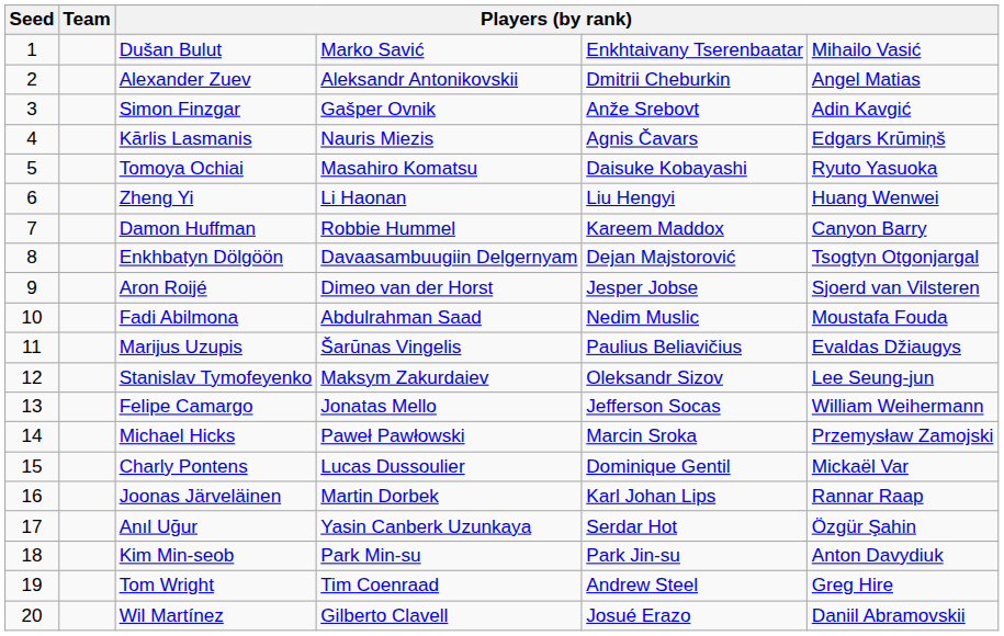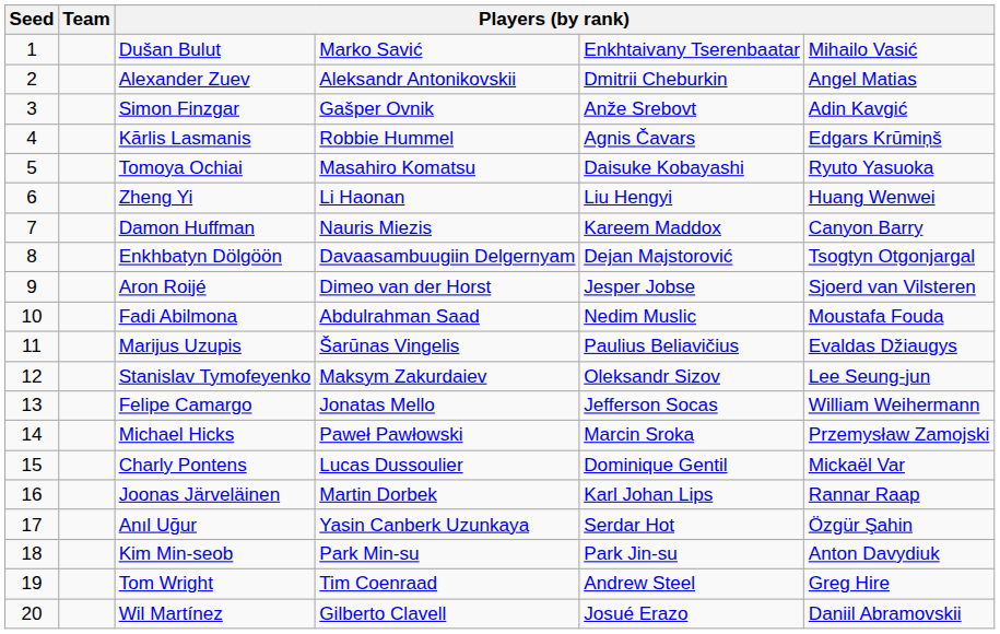 <table class="wikitable sortable">
 <tr>
 <th>Seed</th>
 <th>Team</th>
 <th width=220px colspan=4>Players (by rank)</th>
 </tr>
 <tr>
 <td align=center>1</td>
 <td></td>
 <td><a href='#'>Dušan Bulut</a></td>
 <td><a href='#'>Marko Savić</a></td>
 <td><a href='#'>Enkhtaivany Tserenbaatar</a></td>
 <td><a href='#'>Mihailo Vasić</a></td>
 </tr>
 <tr>
 <td align=center>2</td>
 <td></td>
 <td><a href='#'>Alexander Zuev</a></td>
 <td><a href='#'>Aleksandr Antonikovskii</a></td>
 <td><a href='#'>Dmitrii Cheburkin</a></td>
 <td><a href='#'>Angel Matias</a></td>
 </tr>
 <tr>
 <td align=center>3</td>
 <td></td>
 <td><a href='#'>Simon Finzgar</a></td>
 <td><a href='#'>Gašper Ovnik</a></td>
 <td><a href='#'>Anže Srebovt</a></td>
 <td><a href='#'>Adin Kavgić</a></td>
 </tr>
 <tr>
 <td align=center>4</td>
 <td></td>
 <td><a href='#'>Kārlis Lasmanis</a></td>
-<td><a href='#'>Nauris Miezis</a></td>
+<td><a href='#'>Robbie Hummel</a></td>
 <td><a href='#'>Agnis Čavars</a></td>
 <td><a href='#'>Edgars Krūmiņš</a></td>
 </tr>
 <tr>
 <td align=center>5</td>
 <td></td>
 <td><a href='#'>Tomoya Ochiai</a></td>
 <td><a href='#'>Masahiro Komatsu</a></td>
 <td><a href='#'>Daisuke Kobayashi</a></td>
 <td><a href='#'>Ryuto Yasuoka</a></td>
 </tr>
 <tr>
 <td align=center>6</td>
 <td></td>
 <td><a href='#'>Zheng Yi</a></td>
 <td><a href='#'>Li Haonan</a></td>
 <td><a href='#'>Liu Hengyi</a></td>
 <td><a href='#'>Huang Wenwei</a></td>
 </tr>
 <tr>
 <td align=center>7</td>
 <td></td>
 <td><a href='#'>Damon Huffman</a></td>
-<td><a href='#'>Robbie Hummel</a></td>
+<td><a href='#'>Nauris Miezis</a></td>
 <td><a href='#'>Kareem Maddox</a></td>
 <td><a href='#'>Canyon Barry</a></td>
 </tr>
 <tr>
 <td align=center>8</td>
 <td></td>
 <td><a href='#'>Enkhbatyn Dölgöön</a></td>
 <td><a href='#'>Davaasambuugiin Delgernyam</a></td>
 <td><a href='#'>Dejan Majstorović</a></td>
 <td><a href='#'>Tsogtyn Otgonjargal</a></td>
 </tr>
 <tr>
 <td align=center>9</td>
 <td></td>
 <td><a href='#'>Aron Roijé</a></td>
 <td><a href='#'>Dimeo van der Horst</a></td>
 <td><a href='#'>Jesper Jobse</a></td>
 <td><a href='#'>Sjoerd van Vilsteren</a></td>
 </tr>
 <tr>
 <td align=center>10</td>
 <td></td>
 <td><a href='#'>Fadi Abilmona</a></td>
 <td><a href='#'>Abdulrahman Saad</a></td>
 <td><a href='#'>Nedim Muslic</a></td>
 <td><a href='#'>Moustafa Fouda</a></td>
 </tr>
 <tr>
 <td align=center>11</td>
 <td></td>
 <td><a href='#'>Marijus Uzupis</a></td>
 <td><a href='#'>Šarūnas Vingelis</a></td>
 <td><a href='#'>Paulius Beliavičius</a></td>
 <td><a href='#'>Evaldas Džiaugys</a></td>
 </tr>
 <tr>
 <td align=center>12</td>
 <td></td>
 <td><a href='#'>Stanislav Tymofeyenko</a></td>
 <td><a href='#'>Maksym Zakurdaiev</a></td>
 <td><a href='#'>Oleksandr Sizov</a></td>
 <td><a href='#'>Lee Seung-jun</a></td>
 </tr>
 <tr>
 <td align=center>13</td>
 <td></td>
 <td><a href='#'>Felipe Camargo</a></td>
 <td><a href='#'>Jonatas Mello</a></td>
 <td><a href='#'>Jefferson Socas</a></td>
 <td><a href='#'>William Weihermann</a></td>
 </tr>
 <tr>
 <td align=center>14</td>
 <td></td>
 <td><a href='#'>Michael Hicks</a></td>
 <td><a href='#'>Paweł Pawłowski</a></td>
 <td><a href='#'>Marcin Sroka</a></td>
 <td><a href='#'>Przemysław Zamojski</a></td>
 </tr>
 <tr>
 <td align=center>15</td>
 <td></td>
 <td><a href='#'>Charly Pontens</a></td>
 <td><a href='#'>Lucas Dussoulier</a></td>
 <td><a href='#'>Dominique Gentil</a></td>
 <td><a href='#'>Mickaël Var</a></td>
 </tr>
 <tr>
 <td align=center>16</td>
 <td></td>
 <td><a href='#'>Joonas Järveläinen</a></td>
 <td><a href='#'>Martin Dorbek</a></td>
 <td><a href='#'>Karl Johan Lips</a></td>
 <td><a href='#'>Rannar Raap</a></td>
 </tr>
 <tr>
 <td align=center>17</td>
 <td></td>
 <td><a href='#'>Anıl Uğur</a></td>
 <td><a href='#'>Yasin Canberk Uzunkaya</a></td>
 <td><a href='#'>Serdar Hot</a></td>
 <td><a href='#'>Özgür Şahin</a></td>
 </tr>
 <tr>
 <td align=center>18</td>
 <td></td>
 <td><a href='#'>Kim Min-seob</a></td>
 <td><a href='#'>Park Min-su</a></td>
 <td><a href='#'>Park Jin-su</a></td>
 <td><a href='#'>Anton Davydiuk</a></td>
 </tr>
 <tr>
 <td align=center>19</td>
 <td></td>
 <td><a href='#'>Tom Wright</a></td>
 <td><a href='#'>Tim Coenraad</a></td>
 <td><a href='#'>Andrew Steel</a></td>
 <td><a href='#'>Greg Hire</a></td>
 </tr>
 <tr>
 <td align=center>20</td>
 <td></td>
 <td><a href='#'>Wil Martínez</a></td>
 <td><a href='#'>Gilberto Clavell</a></td>
 <td><a href='#'>Josué Erazo</a></td>
 <td><a href='#'>Daniil Abramovskii</a></td>
 </tr>
 </table>
